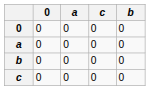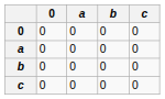 <table class="wikitable" style="width: 25%">
 <tr>
 <th></th>
 <th>0</th>
 <th><em>a</em></th>
+<th><em>b</em></th>
 <th><em>c</em></th>
-<th><em>b</em></th>
 </tr>
 <tr>
 <th>0</th>
 <td>0</td>
 <td>0</td>
 <td>0</td>
 <td>0</td>
 </tr>
 <tr>
 <th><em>a</em></th>
 <td>0</td>
 <td>0</td>
 <td>0</td>
 <td>0</td>
 </tr>
 <tr>
 <th><em>b</em></th>
 <td>0</td>
 <td>0</td>
 <td>0</td>
 <td>0</td>
 </tr>
 <tr>
 <th><em>c</em></th>
 <td>0</td>
 <td>0</td>
 <td>0</td>
 <td>0</td>
 </tr>
 </table>
